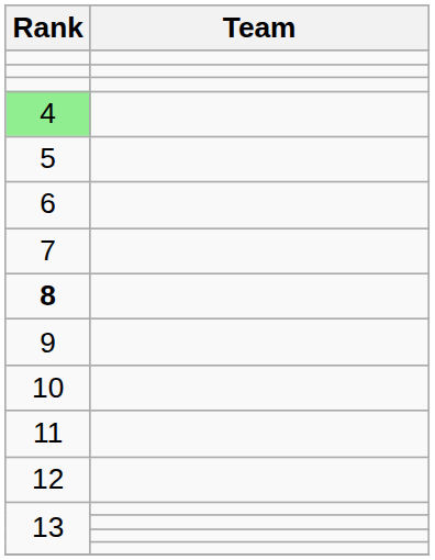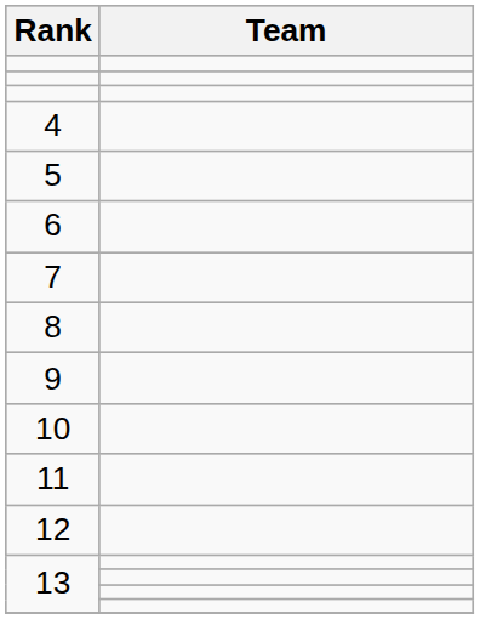 <table class="wikitable" style="text-align: center;">
 <tr>
 <th width=40>Rank</th>
 <th width=180>Team</th>
 </tr>
 <tr align=center>
 <td></td>
 <td style="text-align:left;"></td>
 </tr>
 <tr align=center>
 <td></td>
 <td style="text-align:left;"></td>
 </tr>
 <tr align=center>
 <td></td>
 <td style="text-align:left;"></td>
 </tr>
 <tr align=center>
-<td style="background: lightgreen;">4</td>
+<td>4</td>
 <td style="text-align:left;"></td>
 </tr>
 <tr align=center>
 <td>5</td>
 <td style="text-align:left;"></td>
 </tr>
 <tr align=center>
 <td>6</td>
 <td style="text-align:left;"></td>
 </tr>
 <tr align=center>
 <td>7</td>
 <td style="text-align:left;"></td>
 </tr>
 <tr align=center>
-<td><strong>8</strong></td>
+<td>8</td>
 <td style="text-align:left;"></td>
 </tr>
 <tr align=center>
 <td>9</td>
 <td style="text-align:left;"></td>
 </tr>
 <tr align=center>
 <td>10</td>
 <td style="text-align:left;"></td>
 </tr>
 <tr align=center>
 <td>11</td>
 <td style="text-align:left;"></td>
 </tr>
 <tr align=center>
 <td>12</td>
 <td style="text-align:left;"></td>
 </tr>
 <tr align=center>
 <td rowspan=4>13</td>
 <td style="text-align:left;"></td>
 </tr>
 <tr align=center>
 <td style="text-align:left;"></td>
 </tr>
 <tr align=center>
 <td style="text-align:left;"></td>
 </tr>
 <tr align=center>
 <td style="text-align:left;"></td>
 </tr>
 <tr>
 </tr>
 </table>
